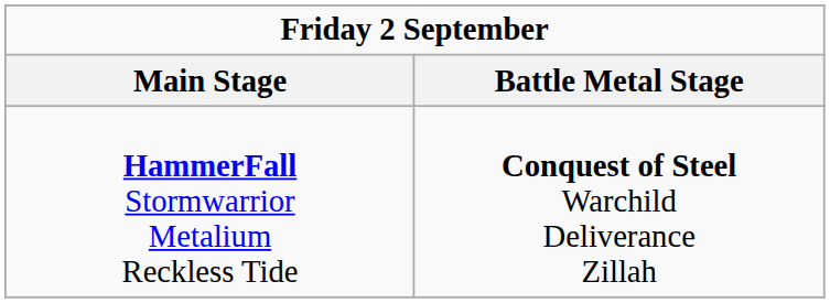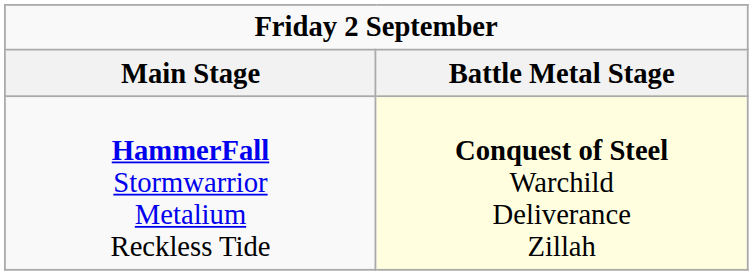 <table class="wikitable">
 <tr>
 <td colspan="4" align="center"><strong>Friday 2 September</strong></td>
 </tr>
 <tr>
 <th>Main Stage</th>
 <th>Battle Metal Stage</th>
 </tr>
 <tr>
 <td valign="top" align="center" width=200><br><strong><a href='#'>HammerFall</a></strong><br> <a href='#'>Stormwarrior</a><br> <a href='#'>Metalium</a><br> Reckless Tide<br></td>
-<td valign="top" align="center" width=200><br><strong>Conquest of Steel</strong><br> Warchild<br> Deliverance<br> Zillah<br></td>
+<td valign="top" align="center" width=200 style="background: lightyellow;"><br><strong>Conquest of Steel</strong><br> Warchild<br> Deliverance<br> Zillah<br></td>
 </tr>
 </table>
